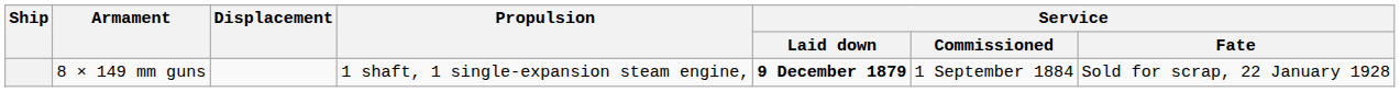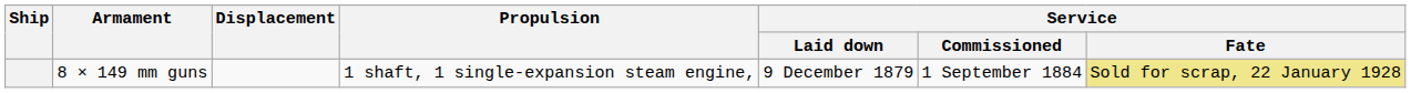 <table class="wikitable plainrowheaders" style="text-align: center;">
 <tr valign="top">
 <th scope="col" rowspan="2">Ship</th>
 <th scope="col" rowspan="2">Armament</th>
 <th scope="col" rowspan="2">Displacement</th>
 <th scope="col" rowspan="2">Propulsion</th>
 <th scope="col" colspan="3">Service</th>
 </tr>
 <tr valign="top">
 <th scope="col">Laid down</th>
 <th scope="col">Commissioned</th>
 <th scope="col">Fate</th>
 </tr>
 <tr valign="center">
 <th scope="row"></th>
 <td>8 × 149 mm guns</td>
 <td></td>
 <td>1 shaft, 1 single-expansion steam engine, </td>
-<td><strong>9 December 1879</strong></td>
+<td>9 December 1879</td>
 <td>1 September 1884</td>
-<td>Sold for scrap, 22 January 1928</td>
+<td style="background: khaki;">Sold for scrap, 22 January 1928</td>
 </tr>
 </table>
